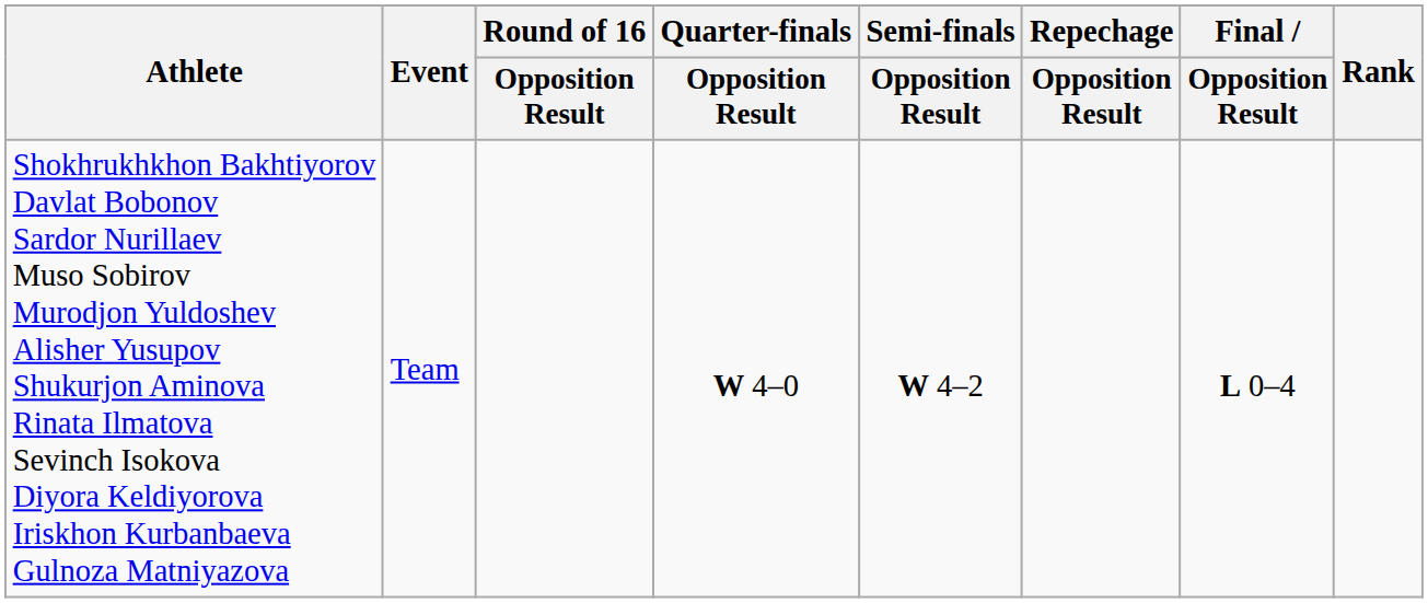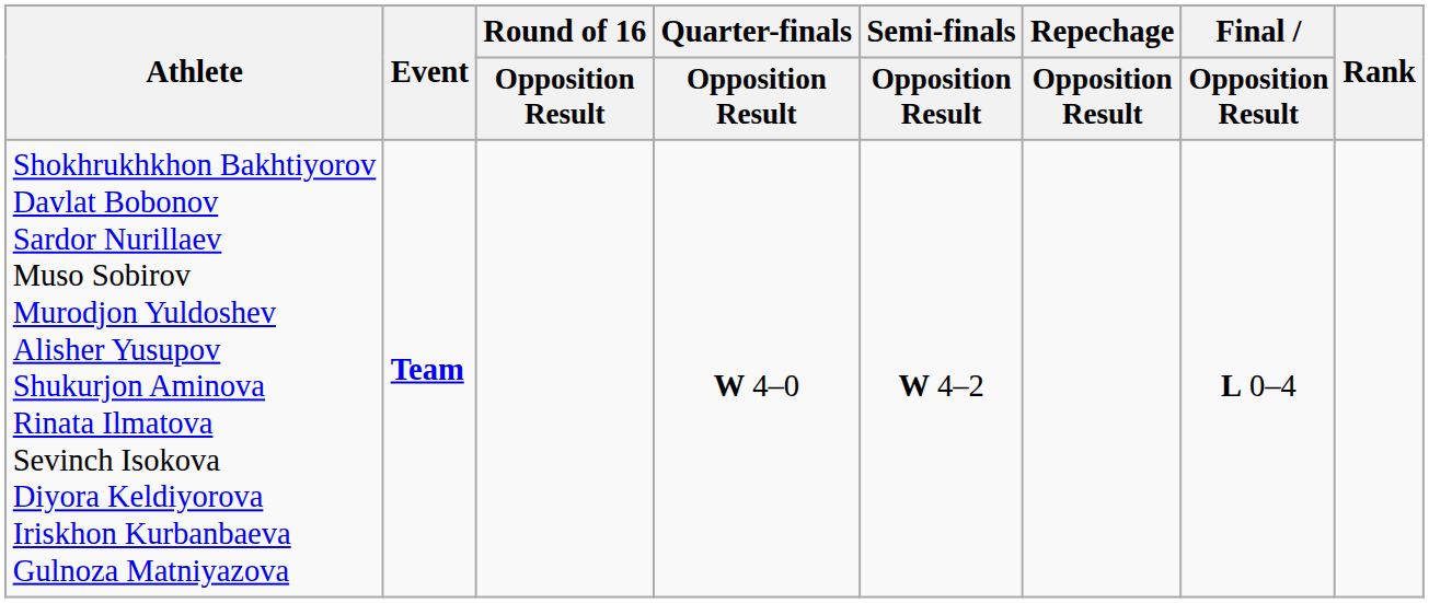 <table class=wikitable style=font-size:90%;text-align:center>
 <tr>
 <th rowspan="2">Athlete</th>
 <th rowspan="2">Event</th>
 <th>Round of 16</th>
 <th>Quarter-finals</th>
 <th>Semi-finals</th>
 <th>Repechage</th>
 <th>Final / </th>
 <th rowspan=2>Rank</th>
 </tr>
 <tr style="font-size:95%">
 <th>Opposition<br>Result</th>
 <th>Opposition<br>Result</th>
 <th>Opposition<br>Result</th>
 <th>Opposition<br>Result</th>
 <th>Opposition<br>Result</th>
 </tr>
 <tr>
 <td align=left><a href='#'>Shokhrukhkhon Bakhtiyorov</a><br><a href='#'>Davlat Bobonov</a><br><a href='#'>Sardor Nurillaev</a><br>Muso Sobirov<br><a href='#'>Murodjon Yuldoshev</a><br><a href='#'>Alisher Yusupov</a><br><a href='#'>Shukurjon Aminova</a><br><a href='#'>Rinata Ilmatova</a><br>Sevinch Isokova<br><a href='#'>Diyora Keldiyorova</a><br><a href='#'>Iriskhon Kurbanbaeva</a><br><a href='#'>Gulnoza Matniyazova</a></td>
-<td align=left><a href='#'>Team</a></td>
+<td align=left><strong><a href='#'>Team</a></strong></td>
 <td></td>
 <td><br><strong>W</strong> 4–0</td>
 <td><br><strong>W</strong> 4–2</td>
 <td></td>
 <td><br><strong>L</strong> 0–4</td>
 <td></td>
 </tr>
 </table>
